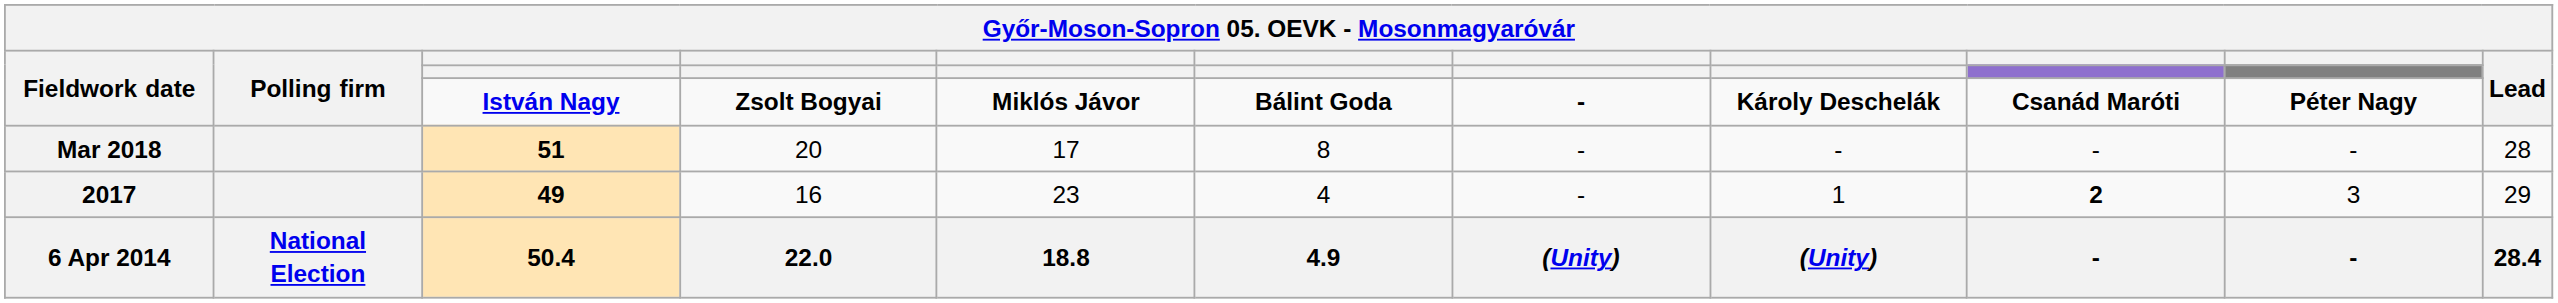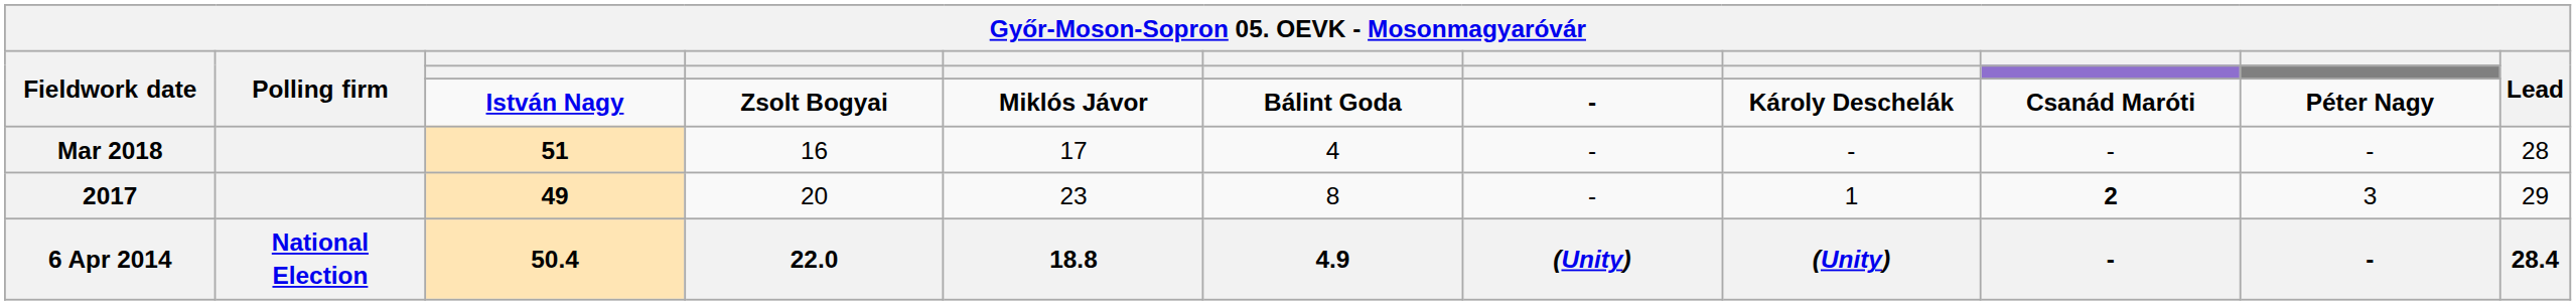 <table class="wikitable mw-collapsible mw-collapsed" style="text-align:center">
 <tr>
 <th colspan="11" style="width: 980pt;"><small><a href='#'>Győr-Moson-Sopron</a> 05. OEVK - <a href='#'>Mosonmagyaróvár</a></small></th>
 </tr>
 <tr>
 <th rowspan="3" style="width: 80pt;"><small>Fieldwork</small> <small>date</small></th>
 <th rowspan="3" style="width: 80pt;"><strong><small>Polling</small> <small>firm</small></strong></th>
 <th style="width: 100pt;"><small></small></th>
 <th style="width: 100pt;"><small> </small></th>
 <th style="width: 100pt;"></th>
 <th style="width: 100pt;"></th>
 <th style="width: 100pt;"></th>
 <th style="width: 100pt;"></th>
 <th style="width: 100pt;"></th>
 <th style="width: 100pt;"></th>
 <th rowspan="3" style="width: 20pt;"><small>Lead</small></th>
 </tr>
 <tr>
 <th style="color:inherit;background:"></th>
 <th style="color:inherit;background:"></th>
 <th style="color:inherit;background:"></th>
 <th style="color:inherit;background:"></th>
 <th style="color:inherit;background:"></th>
 <th style="color:inherit;background:"></th>
 <th style="color:inherit;background:#8E6FCE;"></th>
 <th style="color:inherit;background:#808080;"></th>
 </tr>
 <tr>
 <td><small><strong><a href='#'>István Nagy</a></strong></small></td>
 <td><small><strong>Zsolt Bogyai</strong></small></td>
 <td><small><strong>Miklós Jávor</strong></small></td>
 <td><small><strong>Bálint Goda</strong></small></td>
 <td><small><strong>-</strong></small></td>
 <td><small><strong>Károly Deschelák</strong></small></td>
 <td><small><strong>Csanád Maróti</strong></small></td>
 <td><small><strong>Péter Nagy</strong></small></td>
 </tr>
 <tr>
 <th><small>Mar 2018</small></th>
 <th><small></small></th>
 <td style="background:#FFE5B4"><small><strong>51</strong></small></td>
-<td><small>20</small></td>
+<td><small>16</small></td>
 <td><small>17</small></td>
-<td><small>8</small></td>
+<td><small>4</small></td>
 <td><small>-</small></td>
 <td><small>-</small></td>
 <td><small>-</small></td>
 <td><small>-</small></td>
 <td style="background:"><small>28</small></td>
 </tr>
 <tr>
 <th><small>2017</small></th>
 <th><small></small></th>
 <td style="background:#FFE5B4"><small><strong>49</strong></small></td>
-<td><small>16</small></td>
+<td><small>20</small></td>
 <td><small>23</small></td>
-<td><small>4</small></td>
+<td><small>8</small></td>
 <td><small>-</small></td>
 <td><small>1</small></td>
 <td><strong><small>2</small></strong></td>
 <td><small>3</small></td>
 <td style="background:"><small>29</small></td>
 </tr>
 <tr>
 <th><small>6 Apr 2014</small></th>
 <th><a href='#'><small>National Election</small></a></th>
 <th style="background:#FFE5B4"><small><strong>50.4</strong></small></th>
 <th><small>22.0</small></th>
 <th><small>18.8</small></th>
 <th><small>4.9</small></th>
 <th><small><em>(<a href='#'>Unity</a>)</em></small></th>
 <th><small><em>(<a href='#'>Unity</a>)</em></small></th>
 <th><small>-</small></th>
 <th><small>-</small></th>
 <th style="background:"><small>28.4</small></th>
 </tr>
 </table>
